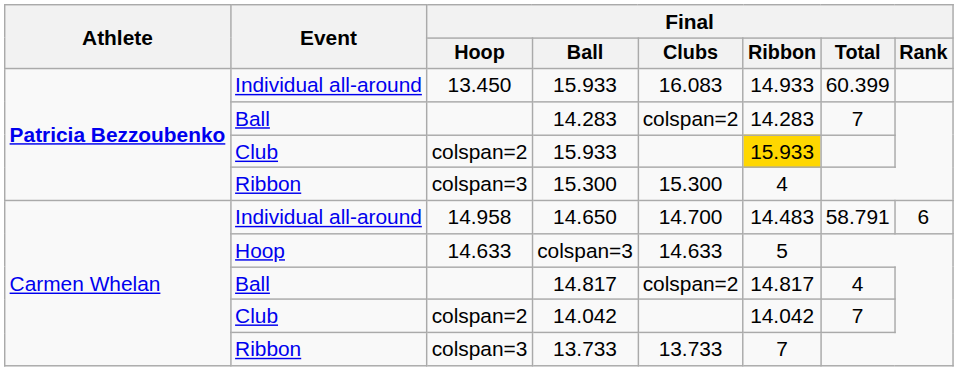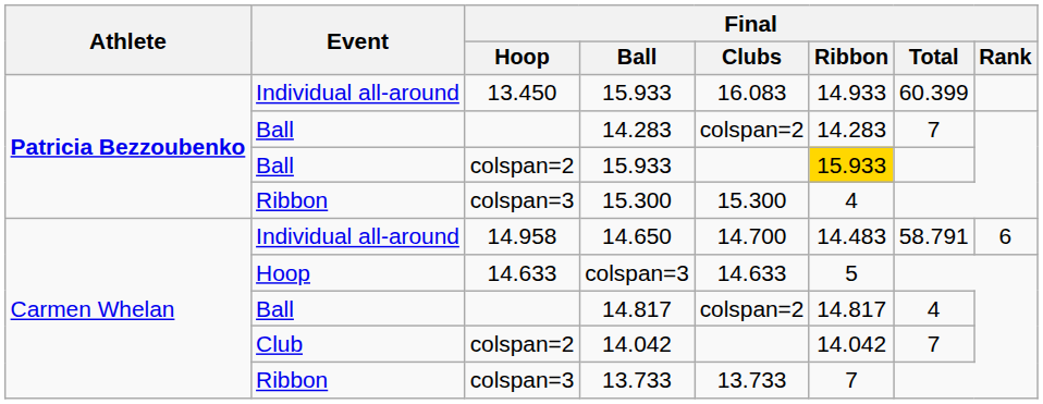 <table class="wikitable" style="font-size:90%">
 <tr>
 <th rowspan=2>Athlete</th>
 <th rowspan=2>Event</th>
 <th colspan="6">Final</th>
 </tr>
 <tr style="font-size:95%">
 <th>Hoop</th>
 <th>Ball</th>
 <th>Clubs</th>
 <th>Ribbon</th>
 <th>Total</th>
 <th>Rank</th>
 </tr>
 <tr align=center>
 <td align=left rowspan=4><strong><a href='#'>Patricia Bezzoubenko</a></strong></td>
 <td align=left><a href='#'>Individual all-around</a></td>
 <td>13.450</td>
 <td>15.933</td>
 <td>16.083</td>
 <td>14.933</td>
 <td>60.399</td>
 <td></td>
 </tr>
 <tr align=center>
 <td align=left><a href='#'>Ball</a></td>
 <td></td>
 <td>14.283</td>
 <td>colspan=2 </td>
 <td>14.283</td>
 <td>7</td>
 </tr>
 <tr align=center>
-<td align=left><a href='#'>Club</a></td>
+<td align=left><a href='#'>Ball</a></td>
 <td>colspan=2 </td>
 <td>15.933</td>
 <td></td>
 <td style="background: gold;">15.933</td>
 <td></td>
 </tr>
 <tr align=center>
 <td align=left><a href='#'>Ribbon</a></td>
 <td>colspan=3 </td>
 <td>15.300</td>
 <td>15.300</td>
 <td>4</td>
 </tr>
 <tr align=center>
 <td align=left rowspan=5><a href='#'>Carmen Whelan</a></td>
 <td align=left><a href='#'>Individual all-around</a></td>
 <td>14.958</td>
 <td>14.650</td>
 <td>14.700</td>
 <td>14.483</td>
 <td>58.791</td>
 <td>6</td>
 </tr>
 <tr align=center>
 <td align=left><a href='#'>Hoop</a></td>
 <td>14.633</td>
 <td>colspan=3 </td>
 <td>14.633</td>
 <td>5</td>
 </tr>
 <tr align=center>
 <td align=left><a href='#'>Ball</a></td>
 <td></td>
 <td>14.817</td>
 <td>colspan=2 </td>
 <td>14.817</td>
 <td>4</td>
 </tr>
 <tr align=center>
 <td align=left><a href='#'>Club</a></td>
 <td>colspan=2 </td>
 <td>14.042</td>
 <td></td>
 <td>14.042</td>
 <td>7</td>
 </tr>
 <tr align=center>
 <td align=left><a href='#'>Ribbon</a></td>
 <td>colspan=3 </td>
 <td>13.733</td>
 <td>13.733</td>
 <td>7</td>
 </tr>
 </table>
